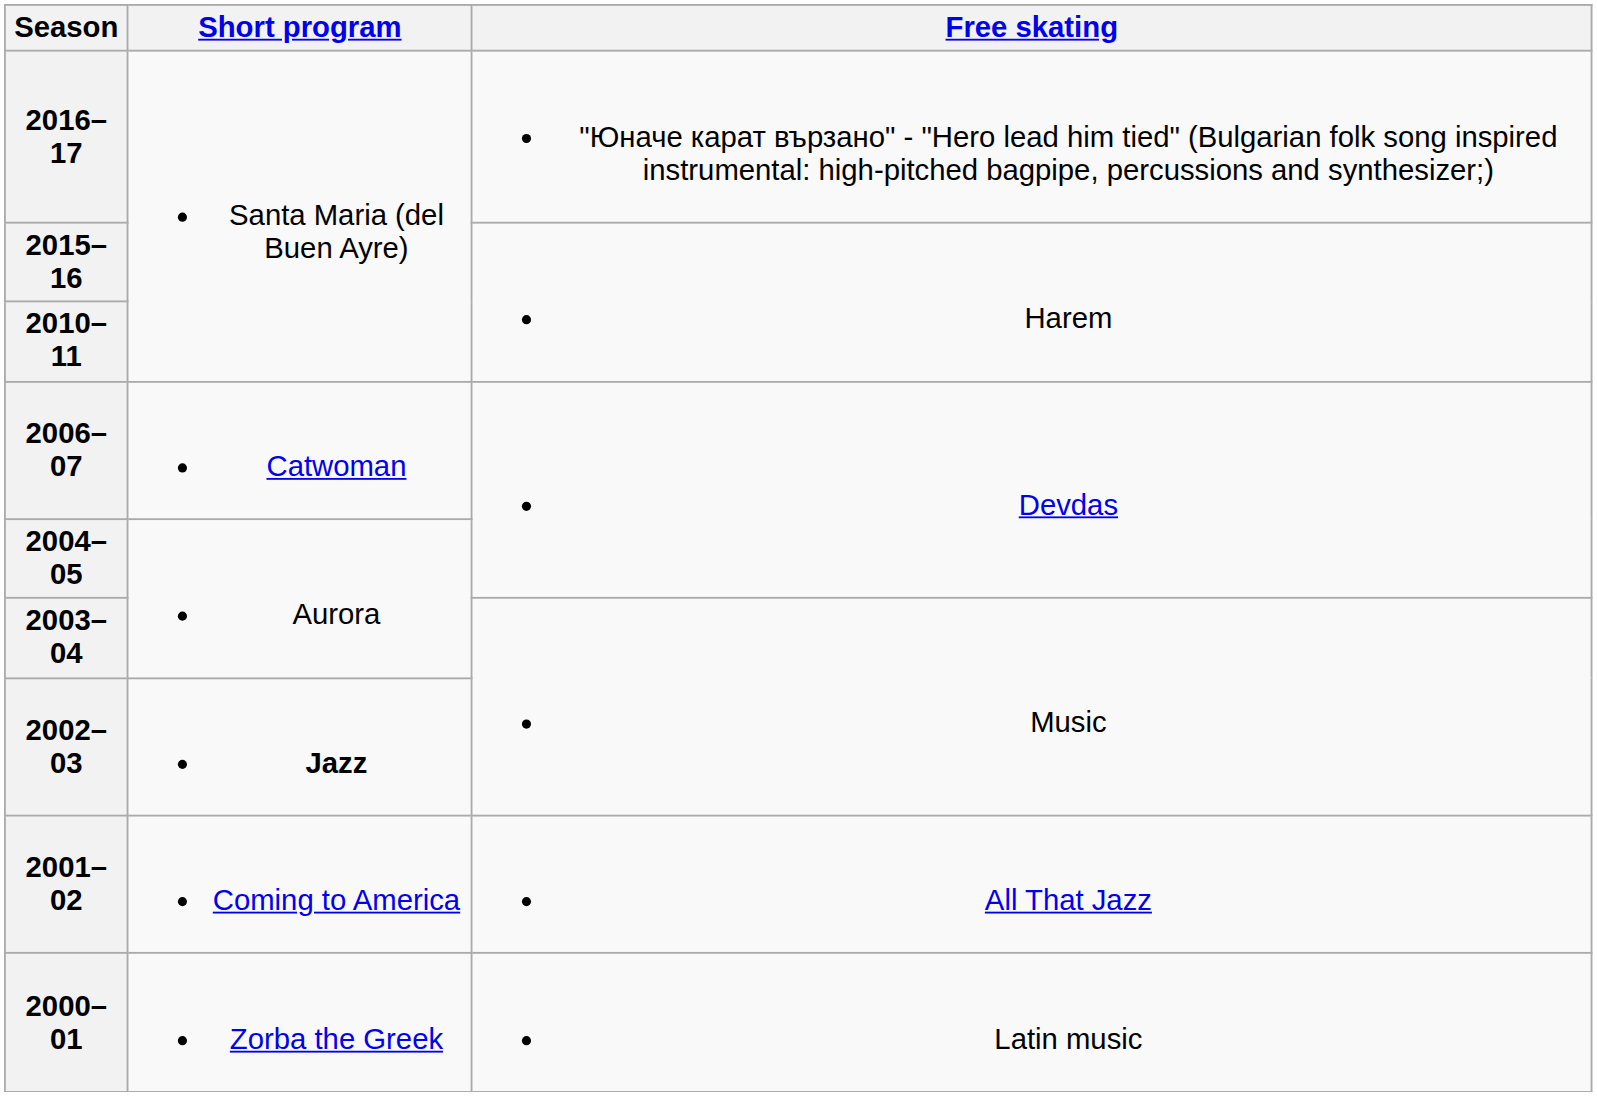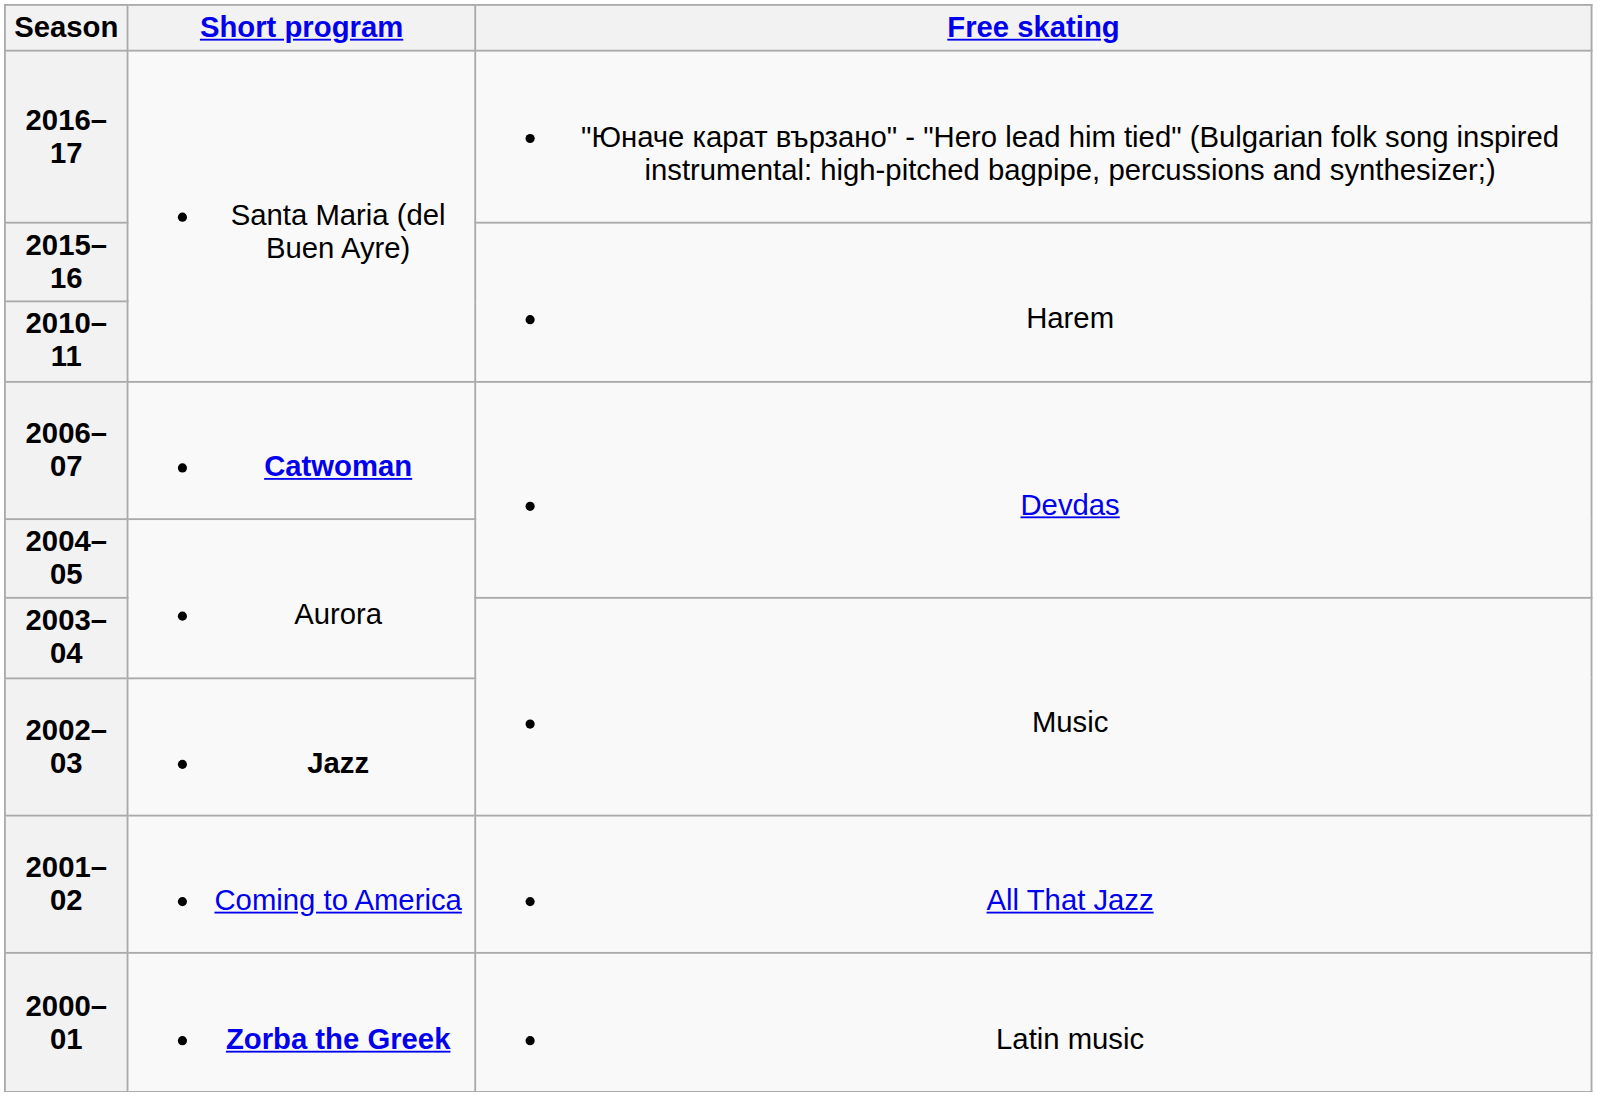 <table class=wikitable style=text-align:center>
 <tr>
 <th>Season</th>
 <th><a href='#'>Short program</a></th>
 <th><a href='#'>Free skating</a></th>
 </tr>
 <tr>
 <th>2016–17</th>
 <td rowspan=3><br><ul><li>Santa Maria (del Buen Ayre) <br></li></ul></td>
 <td><br><ul><li>"Юначе карат вързано" - "Hero lead him tied" (Bulgarian folk song inspired instrumental: high-pitched bagpipe, percussions and synthesizer;)<br></li></ul></td>
 </tr>
 <tr>
 <th>2015–16</th>
 <td rowspan=2><br><ul><li>Harem <br></li></ul></td>
 </tr>
 <tr>
 <th>2010–11 <br></th>
 </tr>
 <tr>
 <th>2006–07 <br></th>
-<td><br><ul><li><a href='#'>Catwoman</a> <br></li></ul></td>
+<td><strong><br><ul><li><a href='#'>Catwoman</a> <br></li></ul></strong></td>
 <td rowspan=2><br><ul><li><a href='#'>Devdas</a></li></ul></td>
 </tr>
 <tr>
 <th>2004–05 <br></th>
 <td rowspan=2><br><ul><li>Aurora <br></li></ul></td>
 </tr>
 <tr>
 <th>2003–04 <br></th>
 <td rowspan=2><br><ul><li>Music <br></li></ul></td>
 </tr>
 <tr>
 <th>2002–03 <br></th>
 <td><strong><br><ul><li>Jazz</li></ul></strong></td>
 </tr>
 <tr>
 <th>2001–02 <br></th>
 <td><br><ul><li><a href='#'>Coming to America</a> <br></li></ul></td>
 <td><br><ul><li><a href='#'>All That Jazz</a> <br></li></ul></td>
 </tr>
 <tr>
 <th>2000–01 <br></th>
-<td><br><ul><li><a href='#'>Zorba the Greek</a> <br></li></ul></td>
+<td><strong><br><ul><li><a href='#'>Zorba the Greek</a> <br></li></ul></strong></td>
 <td><br><ul><li>Latin music</li></ul></td>
 </tr>
 </table>
